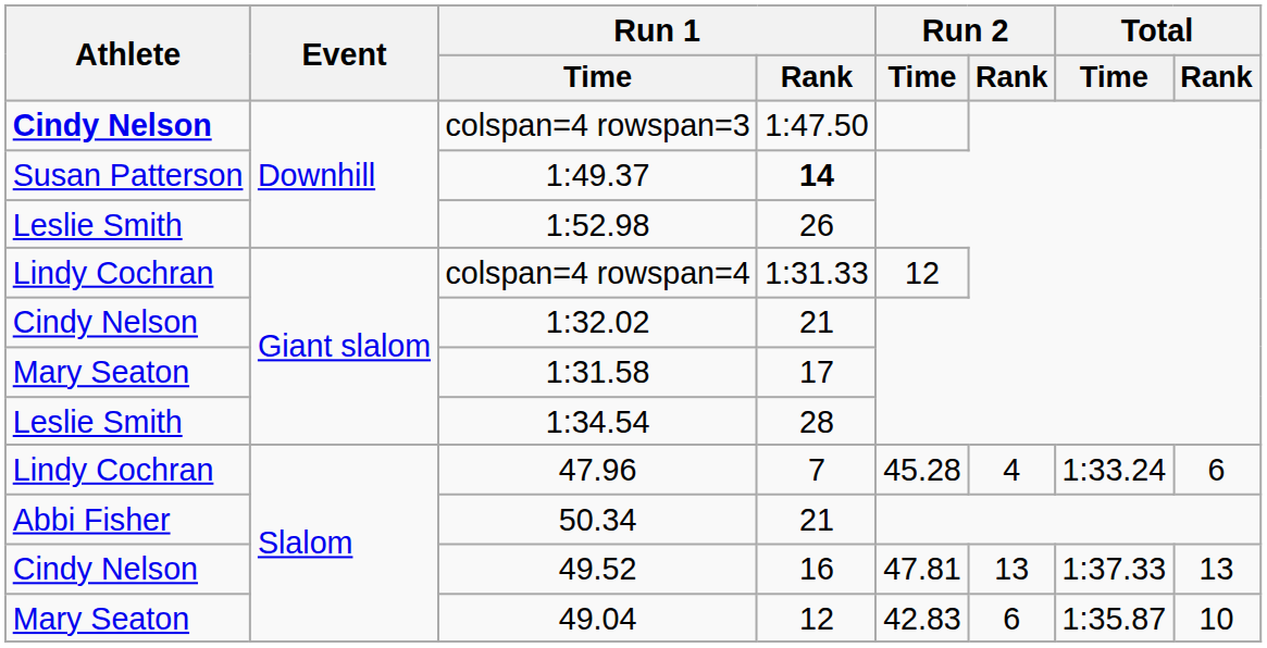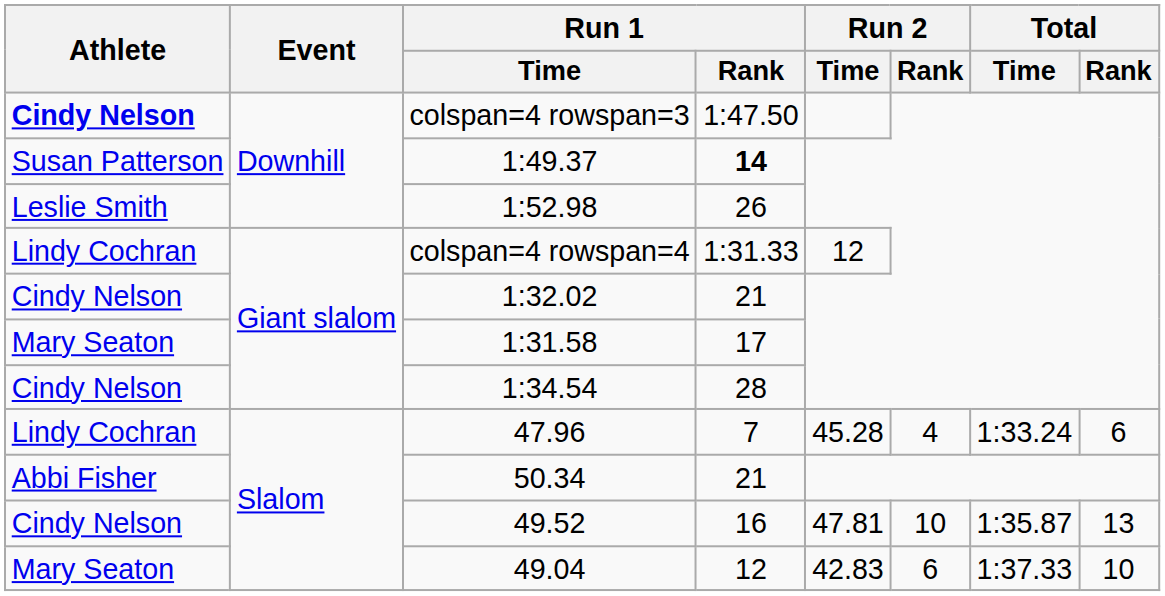 <table class=wikitable style=font-size:90%;text-align:center>
 <tr>
 <th rowspan=2>Athlete</th>
 <th rowspan=2>Event</th>
 <th colspan=2>Run 1</th>
 <th colspan=2>Run 2</th>
 <th colspan=2>Total</th>
 </tr>
 <tr style=font-size:95%>
 <th>Time</th>
 <th>Rank</th>
 <th>Time</th>
 <th>Rank</th>
 <th>Time</th>
 <th>Rank</th>
 </tr>
 <tr>
 <td align=left><strong><a href='#'>Cindy Nelson</a></strong></td>
 <td align=left rowspan=3><a href='#'>Downhill</a></td>
 <td>colspan=4 rowspan=3 </td>
 <td>1:47.50</td>
 <td></td>
 </tr>
 <tr>
 <td align=left><a href='#'>Susan Patterson</a></td>
 <td>1:49.37</td>
 <td><strong>14</strong></td>
 </tr>
 <tr>
 <td align=left><a href='#'>Leslie Smith</a></td>
 <td>1:52.98</td>
 <td>26</td>
 </tr>
 <tr>
 <td align=left><a href='#'>Lindy Cochran</a></td>
 <td align=left rowspan=4><a href='#'>Giant slalom</a></td>
 <td>colspan=4 rowspan=4 </td>
 <td>1:31.33</td>
 <td>12</td>
 </tr>
 <tr>
 <td align=left><a href='#'>Cindy Nelson</a></td>
 <td>1:32.02</td>
 <td>21</td>
 </tr>
 <tr>
 <td align=left><a href='#'>Mary Seaton</a></td>
 <td>1:31.58</td>
 <td>17</td>
 </tr>
 <tr>
-<td align=left><a href='#'>Leslie Smith</a></td>
+<td align=left><a href='#'>Cindy Nelson</a></td>
 <td>1:34.54</td>
 <td>28</td>
 </tr>
 <tr>
 <td align=left><a href='#'>Lindy Cochran</a></td>
 <td align=left rowspan=4><a href='#'>Slalom</a></td>
 <td>47.96</td>
 <td>7</td>
 <td>45.28</td>
 <td>4</td>
 <td>1:33.24</td>
 <td>6</td>
 </tr>
 <tr>
 <td align=left><a href='#'>Abbi Fisher</a></td>
 <td>50.34</td>
 <td>21</td>
 <td colspan=4></td>
 </tr>
 <tr>
 <td align=left><a href='#'>Cindy Nelson</a></td>
 <td>49.52</td>
 <td>16</td>
 <td>47.81</td>
-<td>13</td>
-<td>1:37.33</td>
+<td>10</td>
+<td>1:35.87</td>
 <td>13</td>
 </tr>
 <tr>
 <td align=left><a href='#'>Mary Seaton</a></td>
 <td>49.04</td>
 <td>12</td>
 <td>42.83</td>
 <td>6</td>
-<td>1:35.87</td>
+<td>1:37.33</td>
 <td>10</td>
 </tr>
 </table>
